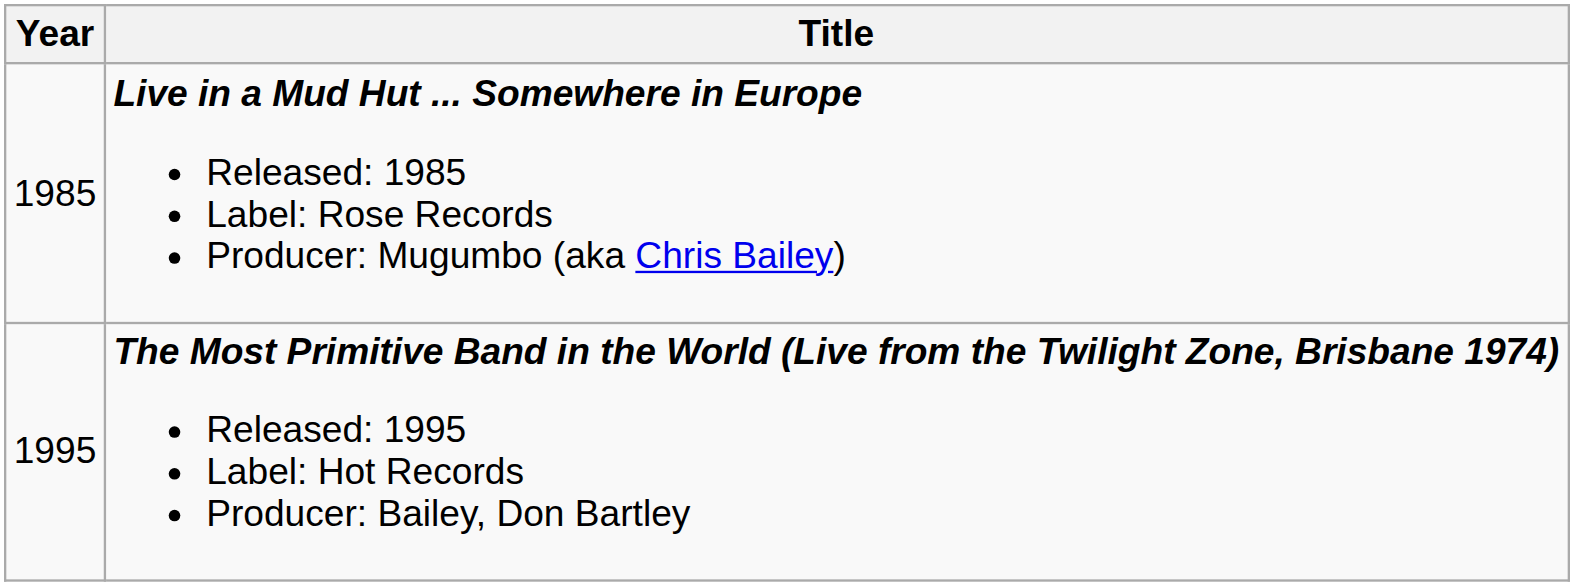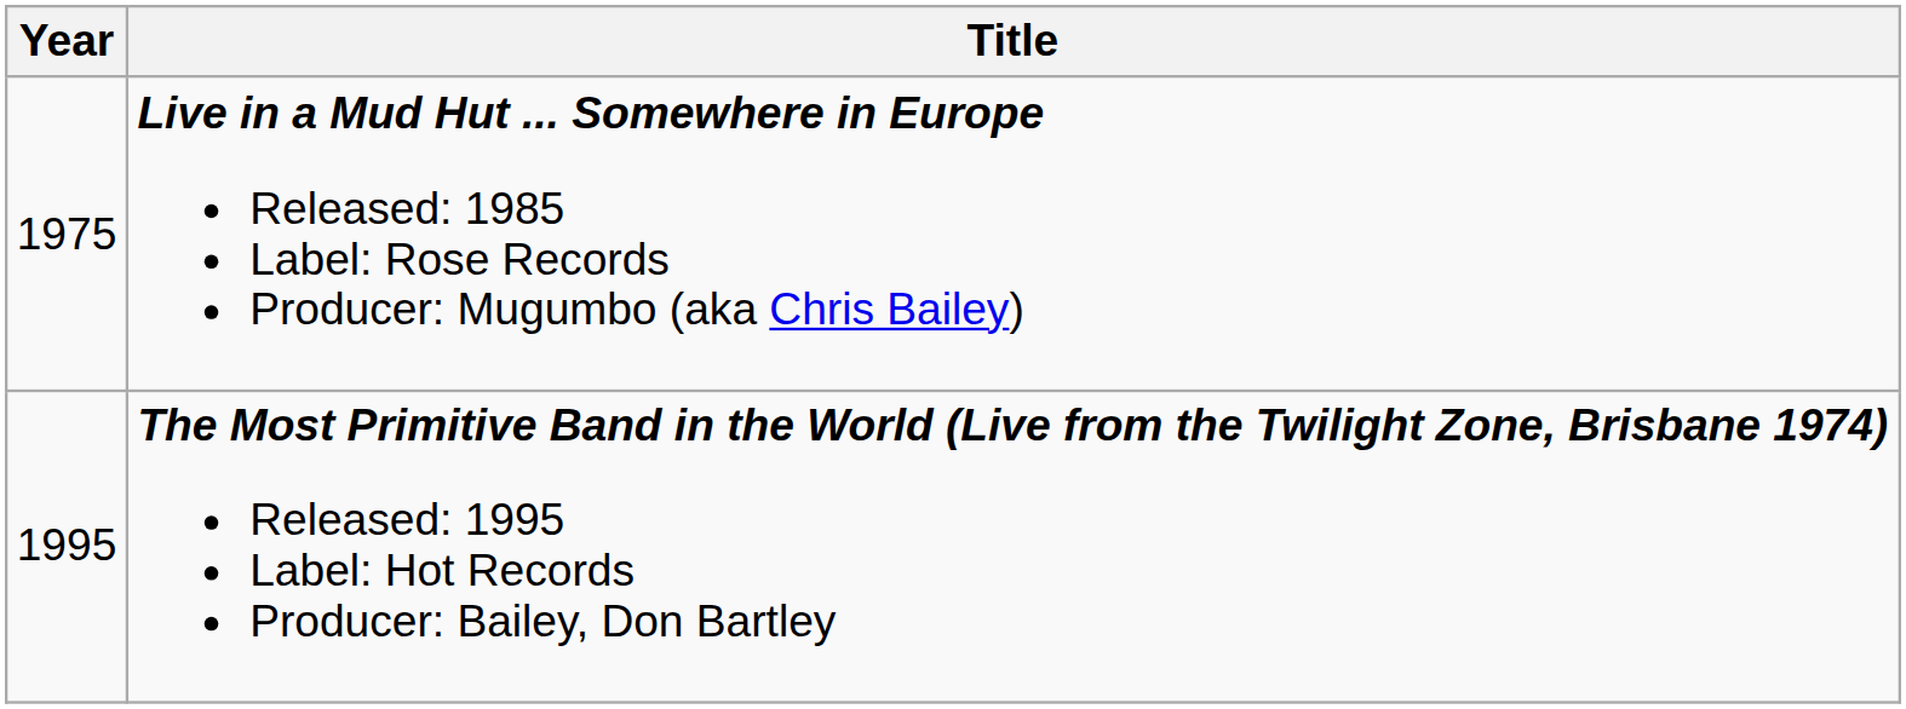 <table class="wikitable">
 <tr>
 <th rowspan="1">Year</th>
 <th rowspan="1">Title</th>
 </tr>
 <tr>
-<td align="center">1985</td>
+<td align="center">1975</td>
 <td><strong><em>Live in a Mud Hut ... Somewhere in Europe</em></strong><br><ul><li>Released: 1985</li><li>Label: Rose Records</li><li>Producer: Mugumbo (aka <a href='#'>Chris Bailey</a>)</li></ul></td>
 </tr>
 <tr>
 <td align="center" rowspan="2">1995</td>
 <td><strong><em>The Most Primitive Band in the World (Live from the Twilight Zone, Brisbane 1974)</em></strong><br><ul><li>Released: 1995</li><li>Label: Hot Records</li><li>Producer: Bailey, Don Bartley</li></ul></td>
 </tr>
 </table>
